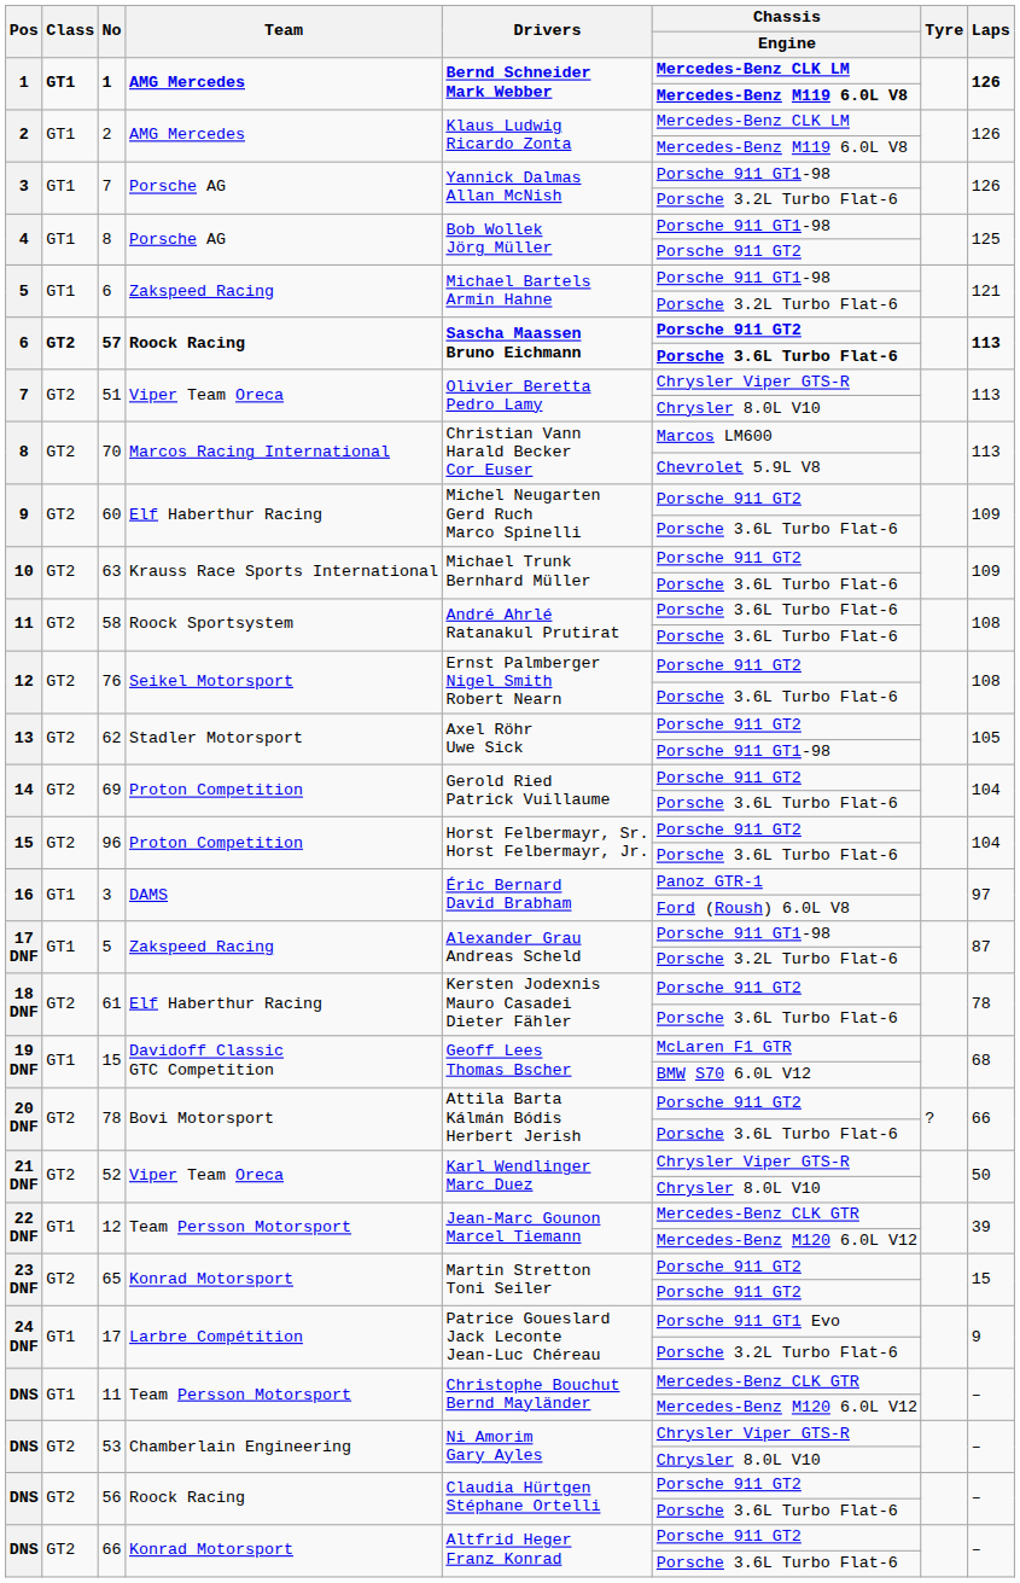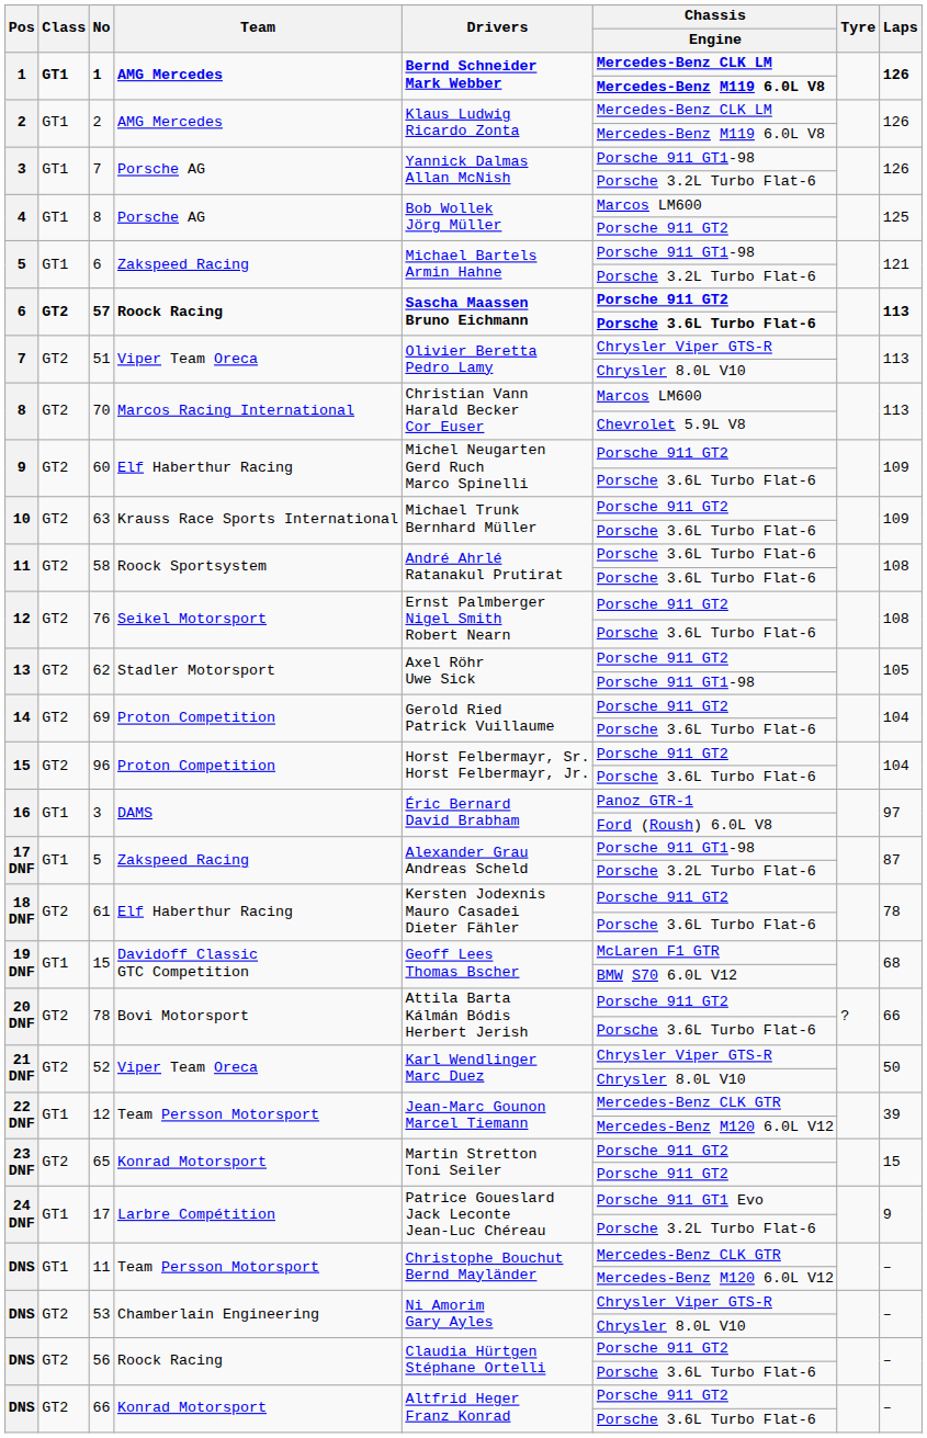 <table class="wikitable" style="font-size: 95%;">
 <tr>
 <th rowspan=2>Pos</th>
 <th rowspan=2>Class</th>
 <th rowspan=2>No</th>
 <th rowspan=2>Team</th>
 <th rowspan=2>Drivers</th>
 <th>Chassis</th>
 <th rowspan=2>Tyre</th>
 <th rowspan=2>Laps</th>
 </tr>
 <tr>
 <th>Engine</th>
 </tr>
 <tr style="font-weight:bold">
 <th rowspan=2>1</th>
 <td rowspan=2>GT1</td>
 <td rowspan=2>1</td>
 <td rowspan=2> <a href='#'>AMG Mercedes</a></td>
 <td rowspan=2> <a href='#'>Bernd Schneider</a><br> <a href='#'>Mark Webber</a></td>
 <td><a href='#'>Mercedes-Benz CLK LM</a></td>
 <td rowspan=2></td>
 <td rowspan=2>126</td>
 </tr>
 <tr style="font-weight:bold">
 <td><a href='#'>Mercedes-Benz</a> <a href='#'>M119</a> 6.0L V8</td>
 </tr>
 <tr>
 <th rowspan=2>2</th>
 <td rowspan=2>GT1</td>
 <td rowspan=2>2</td>
 <td rowspan=2> <a href='#'>AMG Mercedes</a></td>
 <td rowspan=2> <a href='#'>Klaus Ludwig</a><br> <a href='#'>Ricardo Zonta</a></td>
 <td><a href='#'>Mercedes-Benz CLK LM</a></td>
 <td rowspan=2></td>
 <td rowspan=2>126</td>
 </tr>
 <tr>
 <td><a href='#'>Mercedes-Benz</a> <a href='#'>M119</a> 6.0L V8</td>
 </tr>
 <tr>
 <th rowspan=2>3</th>
 <td rowspan=2>GT1</td>
 <td rowspan=2>7</td>
 <td rowspan=2> <a href='#'>Porsche</a> AG</td>
 <td rowspan=2> <a href='#'>Yannick Dalmas</a><br> <a href='#'>Allan McNish</a></td>
 <td><a href='#'>Porsche 911 GT1</a>-98</td>
 <td rowspan=2></td>
 <td rowspan=2>126</td>
 </tr>
 <tr>
 <td><a href='#'>Porsche</a> 3.2L Turbo Flat-6</td>
 </tr>
 <tr>
 <th rowspan=2>4</th>
 <td rowspan=2>GT1</td>
 <td rowspan=2>8</td>
 <td rowspan=2> <a href='#'>Porsche</a> AG</td>
 <td rowspan=2> <a href='#'>Bob Wollek</a><br> <a href='#'>Jörg Müller</a></td>
-<td><a href='#'>Porsche 911 GT1</a>-98</td>
+<td><a href='#'>Marcos</a> LM600</td>
 <td rowspan=2></td>
 <td rowspan=2>125</td>
 </tr>
 <tr>
 <td><a href='#'>Porsche 911 GT2</a></td>
 </tr>
 <tr>
 <th rowspan=2>5</th>
 <td rowspan=2>GT1</td>
 <td rowspan=2>6</td>
 <td rowspan=2> <a href='#'>Zakspeed Racing</a></td>
 <td rowspan=2> <a href='#'>Michael Bartels</a><br> <a href='#'>Armin Hahne</a></td>
 <td><a href='#'>Porsche 911 GT1</a>-98</td>
 <td rowspan=2></td>
 <td rowspan=2>121</td>
 </tr>
 <tr>
 <td><a href='#'>Porsche</a> 3.2L Turbo Flat-6</td>
 </tr>
 <tr style="font-weight:bold">
 <th rowspan=2>6</th>
 <td rowspan=2>GT2</td>
 <td rowspan=2>57</td>
 <td rowspan=2> Roock Racing</td>
 <td rowspan=2> <a href='#'>Sascha Maassen</a><br> Bruno Eichmann</td>
 <td><a href='#'>Porsche 911 GT2</a></td>
 <td rowspan=2></td>
 <td rowspan=2>113</td>
 </tr>
 <tr style="font-weight:bold">
 <td><a href='#'>Porsche</a> 3.6L Turbo Flat-6</td>
 </tr>
 <tr>
 <th rowspan=2>7</th>
 <td rowspan=2>GT2</td>
 <td rowspan=2>51</td>
 <td rowspan=2> <a href='#'>Viper</a> Team <a href='#'>Oreca</a></td>
 <td rowspan=2> <a href='#'>Olivier Beretta</a><br> <a href='#'>Pedro Lamy</a></td>
 <td><a href='#'>Chrysler Viper GTS-R</a></td>
 <td rowspan=2></td>
 <td rowspan=2>113</td>
 </tr>
 <tr>
 <td><a href='#'>Chrysler</a> 8.0L V10</td>
 </tr>
 <tr>
 <th rowspan=2>8</th>
 <td rowspan=2>GT2</td>
 <td rowspan=2>70</td>
 <td rowspan=2> <a href='#'>Marcos Racing International</a></td>
 <td rowspan=2> Christian Vann<br> Harald Becker<br> <a href='#'>Cor Euser</a></td>
 <td><a href='#'>Marcos</a> LM600</td>
 <td rowspan=2></td>
 <td rowspan=2>113</td>
 </tr>
 <tr>
 <td><a href='#'>Chevrolet</a> 5.9L V8</td>
 </tr>
 <tr>
 <th rowspan=2>9</th>
 <td rowspan=2>GT2</td>
 <td rowspan=2>60</td>
 <td rowspan=2> <a href='#'>Elf</a> Haberthur Racing</td>
 <td rowspan=2> Michel Neugarten<br> Gerd Ruch<br> Marco Spinelli</td>
 <td><a href='#'>Porsche 911 GT2</a></td>
 <td rowspan=2></td>
 <td rowspan=2>109</td>
 </tr>
 <tr>
 <td><a href='#'>Porsche</a> 3.6L Turbo Flat-6</td>
 </tr>
 <tr>
 <th rowspan=2>10</th>
 <td rowspan=2>GT2</td>
 <td rowspan=2>63</td>
 <td rowspan=2> Krauss Race Sports International</td>
 <td rowspan=2> Michael Trunk<br> Bernhard Müller</td>
 <td><a href='#'>Porsche 911 GT2</a></td>
 <td rowspan=2></td>
 <td rowspan=2>109</td>
 </tr>
 <tr>
 <td><a href='#'>Porsche</a> 3.6L Turbo Flat-6</td>
 </tr>
 <tr>
 <th rowspan=2>11</th>
 <td rowspan=2>GT2</td>
 <td rowspan=2>58</td>
 <td rowspan=2> Roock Sportsystem</td>
 <td rowspan=2> <a href='#'>André Ahrlé</a><br> Ratanakul Prutirat</td>
 <td><a href='#'>Porsche</a> 3.6L Turbo Flat-6</td>
 <td rowspan=2></td>
 <td rowspan=2>108</td>
 </tr>
 <tr>
 <td><a href='#'>Porsche</a> 3.6L Turbo Flat-6</td>
 </tr>
 <tr>
 <th rowspan=2>12</th>
 <td rowspan=2>GT2</td>
 <td rowspan=2>76</td>
 <td rowspan=2> <a href='#'>Seikel Motorsport</a></td>
 <td rowspan=2> Ernst Palmberger<br> <a href='#'>Nigel Smith</a><br> Robert Nearn</td>
 <td><a href='#'>Porsche 911 GT2</a></td>
 <td rowspan=2></td>
 <td rowspan=2>108</td>
 </tr>
 <tr>
 <td><a href='#'>Porsche</a> 3.6L Turbo Flat-6</td>
 </tr>
 <tr>
 <th rowspan=2>13</th>
 <td rowspan=2>GT2</td>
 <td rowspan=2>62</td>
 <td rowspan=2> Stadler Motorsport</td>
 <td rowspan=2> Axel Röhr<br> Uwe Sick</td>
 <td><a href='#'>Porsche 911 GT2</a></td>
 <td rowspan=2></td>
 <td rowspan=2>105</td>
 </tr>
 <tr>
 <td><a href='#'>Porsche 911 GT1</a>-98</td>
 </tr>
 <tr>
 <th rowspan=2>14</th>
 <td rowspan=2>GT2</td>
 <td rowspan=2>69</td>
 <td rowspan=2> <a href='#'>Proton Competition</a></td>
 <td rowspan=2> Gerold Ried<br> Patrick Vuillaume</td>
 <td><a href='#'>Porsche 911 GT2</a></td>
 <td rowspan=2></td>
 <td rowspan=2>104</td>
 </tr>
 <tr>
 <td><a href='#'>Porsche</a> 3.6L Turbo Flat-6</td>
 </tr>
 <tr>
 <th rowspan=2>15</th>
 <td rowspan=2>GT2</td>
 <td rowspan=2>96</td>
 <td rowspan=2> <a href='#'>Proton Competition</a></td>
 <td rowspan=2> Horst Felbermayr, Sr.<br> Horst Felbermayr, Jr.</td>
 <td><a href='#'>Porsche 911 GT2</a></td>
 <td rowspan=2></td>
 <td rowspan=2>104</td>
 </tr>
 <tr>
 <td><a href='#'>Porsche</a> 3.6L Turbo Flat-6</td>
 </tr>
 <tr>
 <th rowspan=2>16</th>
 <td rowspan=2>GT1</td>
 <td rowspan=2>3</td>
 <td rowspan=2> <a href='#'>DAMS</a></td>
 <td rowspan=2> <a href='#'>Éric Bernard</a><br> <a href='#'>David Brabham</a></td>
 <td><a href='#'>Panoz GTR-1</a></td>
 <td rowspan=2></td>
 <td rowspan=2>97</td>
 </tr>
 <tr>
 <td><a href='#'>Ford</a> (<a href='#'>Roush</a>) 6.0L V8</td>
 </tr>
 <tr>
 <th rowspan=2>17<br>DNF</th>
 <td rowspan=2>GT1</td>
 <td rowspan=2>5</td>
 <td rowspan=2> <a href='#'>Zakspeed Racing</a></td>
 <td rowspan=2> <a href='#'>Alexander Grau</a><br> Andreas Scheld</td>
 <td><a href='#'>Porsche 911 GT1</a>-98</td>
 <td rowspan=2></td>
 <td rowspan=2>87</td>
 </tr>
 <tr>
 <td><a href='#'>Porsche</a> 3.2L Turbo Flat-6</td>
 </tr>
 <tr>
 <th rowspan=2>18<br>DNF</th>
 <td rowspan=2>GT2</td>
 <td rowspan=2>61</td>
 <td rowspan=2> <a href='#'>Elf</a> Haberthur Racing</td>
 <td rowspan=2> Kersten Jodexnis<br> Mauro Casadei<br> Dieter Fähler</td>
 <td><a href='#'>Porsche 911 GT2</a></td>
 <td rowspan=2></td>
 <td rowspan=2>78</td>
 </tr>
 <tr>
 <td><a href='#'>Porsche</a> 3.6L Turbo Flat-6</td>
 </tr>
 <tr>
 <th rowspan=2>19<br>DNF</th>
 <td rowspan=2>GT1</td>
 <td rowspan=2>15</td>
 <td rowspan=2> <a href='#'>Davidoff Classic</a><br> GTC Competition</td>
 <td rowspan=2> <a href='#'>Geoff Lees</a><br> <a href='#'>Thomas Bscher</a></td>
 <td><a href='#'>McLaren F1 GTR</a></td>
 <td rowspan=2></td>
 <td rowspan=2>68</td>
 </tr>
 <tr>
 <td><a href='#'>BMW</a> <a href='#'>S70</a> 6.0L V12</td>
 </tr>
 <tr>
 <th rowspan=2>20<br>DNF</th>
 <td rowspan=2>GT2</td>
 <td rowspan=2>78</td>
 <td rowspan=2> Bovi Motorsport</td>
 <td rowspan=2> Attila Barta<br> Kálmán Bódis<br> Herbert Jerish</td>
 <td><a href='#'>Porsche 911 GT2</a></td>
 <td rowspan=2>?</td>
 <td rowspan=2>66</td>
 </tr>
 <tr>
 <td><a href='#'>Porsche</a> 3.6L Turbo Flat-6</td>
 </tr>
 <tr>
 <th rowspan=2>21<br>DNF</th>
 <td rowspan=2>GT2</td>
 <td rowspan=2>52</td>
 <td rowspan=2> <a href='#'>Viper</a> Team <a href='#'>Oreca</a></td>
 <td rowspan=2> <a href='#'>Karl Wendlinger</a><br> <a href='#'>Marc Duez</a></td>
 <td><a href='#'>Chrysler Viper GTS-R</a></td>
 <td rowspan=2></td>
 <td rowspan=2>50</td>
 </tr>
 <tr>
 <td><a href='#'>Chrysler</a> 8.0L V10</td>
 </tr>
 <tr>
 <th rowspan=2>22<br>DNF</th>
 <td rowspan=2>GT1</td>
 <td rowspan=2>12</td>
 <td rowspan=2> Team <a href='#'>Persson Motorsport</a></td>
 <td rowspan=2> <a href='#'>Jean-Marc Gounon</a><br> <a href='#'>Marcel Tiemann</a></td>
 <td><a href='#'>Mercedes-Benz CLK GTR</a></td>
 <td rowspan=2></td>
 <td rowspan=2>39</td>
 </tr>
 <tr>
 <td><a href='#'>Mercedes-Benz</a> <a href='#'>M120</a> 6.0L V12</td>
 </tr>
 <tr>
 <th rowspan=2>23<br>DNF</th>
 <td rowspan=2>GT2</td>
 <td rowspan=2>65</td>
 <td rowspan=2> <a href='#'>Konrad Motorsport</a></td>
 <td rowspan=2> Martin Stretton<br> Toni Seiler</td>
 <td><a href='#'>Porsche 911 GT2</a></td>
 <td rowspan=2></td>
 <td rowspan=2>15</td>
 </tr>
 <tr>
 <td><a href='#'>Porsche 911 GT2</a></td>
 </tr>
 <tr>
 <th rowspan=2>24<br>DNF</th>
 <td rowspan=2>GT1</td>
 <td rowspan=2>17</td>
 <td rowspan=2> <a href='#'>Larbre Compétition</a></td>
 <td rowspan=2> Patrice Goueslard<br> Jack Leconte<br> Jean-Luc Chéreau</td>
 <td><a href='#'>Porsche 911 GT1</a> Evo</td>
 <td rowspan=2></td>
 <td rowspan=2>9</td>
 </tr>
 <tr>
 <td><a href='#'>Porsche</a> 3.2L Turbo Flat-6</td>
 </tr>
 <tr>
 <th rowspan=2>DNS</th>
 <td rowspan=2>GT1</td>
 <td rowspan=2>11</td>
 <td rowspan=2> Team <a href='#'>Persson Motorsport</a></td>
 <td rowspan=2> <a href='#'>Christophe Bouchut</a><br> <a href='#'>Bernd Mayländer</a></td>
 <td><a href='#'>Mercedes-Benz CLK GTR</a></td>
 <td rowspan=2></td>
 <td rowspan=2>–</td>
 </tr>
 <tr>
 <td><a href='#'>Mercedes-Benz</a> <a href='#'>M120</a> 6.0L V12</td>
 </tr>
 <tr>
 <th rowspan=2>DNS</th>
 <td rowspan=2>GT2</td>
 <td rowspan=2>53</td>
 <td rowspan=2> Chamberlain Engineering</td>
 <td rowspan=2> <a href='#'>Ni Amorim</a><br> <a href='#'>Gary Ayles</a></td>
 <td><a href='#'>Chrysler Viper GTS-R</a></td>
 <td rowspan=2></td>
 <td rowspan=2>–</td>
 </tr>
 <tr>
 <td><a href='#'>Chrysler</a> 8.0L V10</td>
 </tr>
 <tr>
 <th rowspan=2>DNS</th>
 <td rowspan=2>GT2</td>
 <td rowspan=2>56</td>
 <td rowspan=2> Roock Racing</td>
 <td rowspan=2> <a href='#'>Claudia Hürtgen</a><br> <a href='#'>Stéphane Ortelli</a></td>
 <td><a href='#'>Porsche 911 GT2</a></td>
 <td rowspan=2></td>
 <td rowspan=2>–</td>
 </tr>
 <tr>
 <td><a href='#'>Porsche</a> 3.6L Turbo Flat-6</td>
 </tr>
 <tr>
 <th rowspan=2>DNS</th>
 <td rowspan=2>GT2</td>
 <td rowspan=2>66</td>
 <td rowspan=2> <a href='#'>Konrad Motorsport</a></td>
 <td rowspan=2> <a href='#'>Altfrid Heger</a><br> <a href='#'>Franz Konrad</a></td>
 <td><a href='#'>Porsche 911 GT2</a></td>
 <td rowspan=2></td>
 <td rowspan=2>–</td>
 </tr>
 <tr>
 <td><a href='#'>Porsche</a> 3.6L Turbo Flat-6</td>
 </tr>
 </table>
